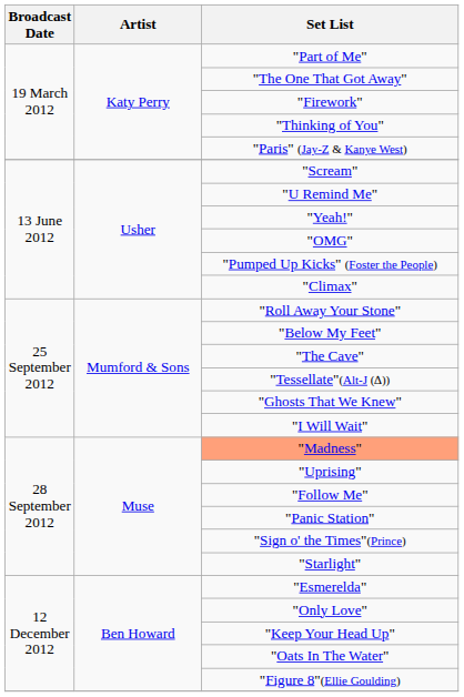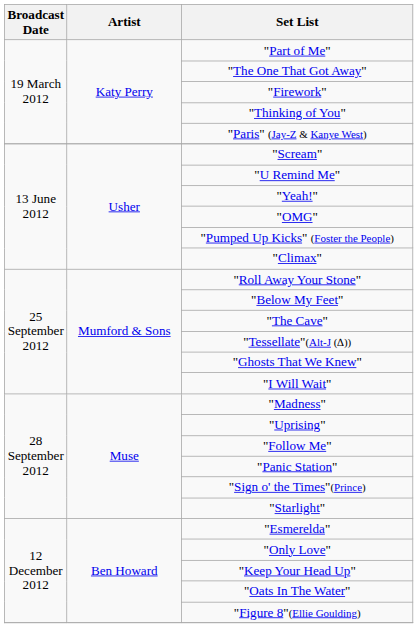 <table class="wikitable" style="text-align:center" width=80%>
 <tr>
 <th width=15%>Broadcast Date</th>
 <th>Artist</th>
 <th>Set List</th>
 </tr>
 <tr>
 <td Rowspan='5'>19 March 2012</td>
 <td Rowspan='5'><a href='#'>Katy Perry</a></td>
 <td>"<a href='#'>Part of Me</a>"</td>
 </tr>
 <tr>
 <td>"<a href='#'>The One That Got Away</a>"</td>
 </tr>
 <tr>
 <td>"<a href='#'>Firework</a>"</td>
 </tr>
 <tr>
 <td>"<a href='#'>Thinking of You</a>"</td>
 </tr>
 <tr>
 <td>"<a href='#'>Paris</a>" <small>(<a href='#'>Jay-Z</a> & <a href='#'>Kanye West</a>)</small></td>
 </tr>
 <tr>
 </tr>
 <tr>
 <td Rowspan='6'>13 June 2012</td>
 <td Rowspan='6'><a href='#'>Usher</a></td>
 <td>"<a href='#'>Scream</a>"</td>
 </tr>
 <tr>
 <td>"<a href='#'>U Remind Me</a>"</td>
 </tr>
 <tr>
 <td>"<a href='#'>Yeah!</a>"</td>
 </tr>
 <tr>
 <td>"<a href='#'>OMG</a>"</td>
 </tr>
 <tr>
 <td>"<a href='#'>Pumped Up Kicks</a>" <small>(<a href='#'>Foster the People</a>)</small></td>
 </tr>
 <tr>
 <td>"<a href='#'>Climax</a>"</td>
 </tr>
 <tr>
 <td Rowspan='6'>25 September 2012</td>
 <td Rowspan='6'><a href='#'>Mumford & Sons</a></td>
 <td>"<a href='#'>Roll Away Your Stone</a>"</td>
 </tr>
 <tr>
 <td>"<a href='#'>Below My Feet</a>"</td>
 </tr>
 <tr>
 <td>"<a href='#'>The Cave</a>"</td>
 </tr>
 <tr>
 <td>"<a href='#'>Tessellate</a>"<small>(<a href='#'>Alt-J</a> (∆))</small></td>
 </tr>
 <tr>
 <td>"<a href='#'>Ghosts That We Knew</a>"</td>
 </tr>
 <tr>
 <td>"<a href='#'>I Will Wait</a>"</td>
 </tr>
 <tr>
 <td Rowspan='6'>28 September 2012</td>
 <td Rowspan='6'><a href='#'>Muse</a></td>
-<td style="background: lightsalmon;">"<a href='#'>Madness</a>"</td>
+<td>"<a href='#'>Madness</a>"</td>
 </tr>
 <tr>
 <td>"<a href='#'>Uprising</a>"</td>
 </tr>
 <tr>
 <td>"<a href='#'>Follow Me</a>"</td>
 </tr>
 <tr>
 <td>"<a href='#'>Panic Station</a>"</td>
 </tr>
 <tr>
 <td>"<a href='#'>Sign o' the Times</a>"<small>(<a href='#'>Prince</a>)</small></td>
 </tr>
 <tr>
 <td>"<a href='#'>Starlight</a>"</td>
 </tr>
 <tr>
 <td Rowspan='5'>12 December 2012</td>
 <td Rowspan='5'><a href='#'>Ben Howard</a></td>
 <td>"<a href='#'>Esmerelda</a>"</td>
 </tr>
 <tr>
 <td>"<a href='#'>Only Love</a>"</td>
 </tr>
 <tr>
 <td>"<a href='#'>Keep Your Head Up</a>"</td>
 </tr>
 <tr>
 <td>"<a href='#'>Oats In The Water</a>"</td>
 </tr>
 <tr>
 <td>"<a href='#'>Figure 8</a>"<small>(<a href='#'>Ellie Goulding</a>)</small></td>
 </tr>
 <tr>
 </tr>
 </table>
